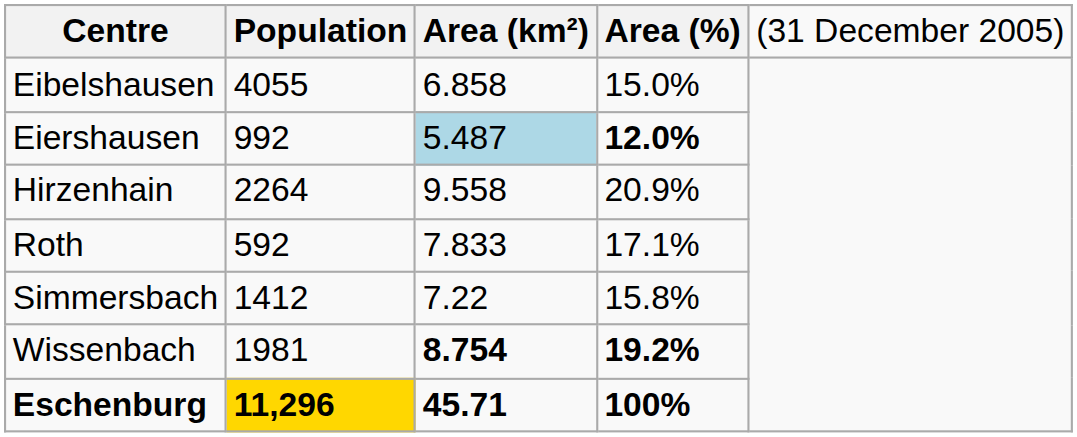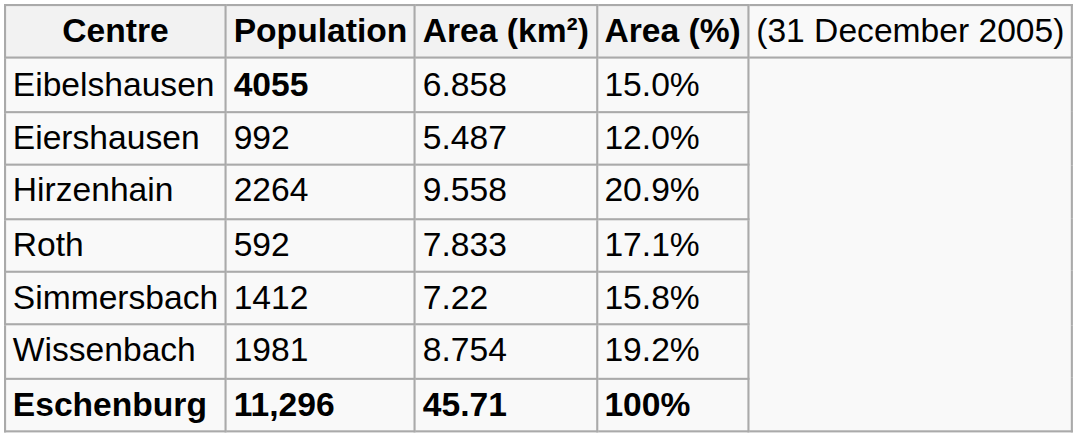 <table class="wikitable">
 <tr>
 <th>Centre</th>
 <th>Population</th>
 <th>Area (km²)</th>
 <th>Area (%)</th>
 <td>(31 December 2005)</td>
 </tr>
 <tr>
 <td>Eibelshausen</td>
-<td>4055</td>
+<td><strong>4055</strong></td>
 <td>6.858</td>
 <td>15.0%</td>
 </tr>
 <tr>
 <td>Eiershausen</td>
 <td>992</td>
-<td style="background: lightblue;">5.487</td>
-<td><strong>12.0%</strong></td>
+<td>5.487</td>
+<td>12.0%</td>
 </tr>
 <tr>
 <td>Hirzenhain</td>
 <td>2264</td>
 <td>9.558</td>
 <td>20.9%</td>
 </tr>
 <tr>
 <td>Roth</td>
 <td>592</td>
 <td>7.833</td>
 <td>17.1%</td>
 </tr>
 <tr>
 <td>Simmersbach</td>
 <td>1412</td>
 <td>7.22</td>
 <td>15.8%</td>
 </tr>
 <tr>
 <td>Wissenbach</td>
 <td>1981</td>
-<td><strong>8.754</strong></td>
-<td><strong>19.2%</strong></td>
+<td>8.754</td>
+<td>19.2%</td>
 </tr>
 <tr>
 <td><strong>Eschenburg</strong></td>
-<td style="background: gold;"><strong>11,296</strong></td>
+<td><strong>11,296</strong></td>
 <td><strong>45.71</strong></td>
 <td><strong>100%</strong></td>
 </tr>
 </table>
